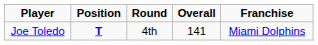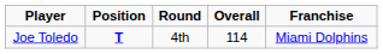 <table class="wikitable" width="50%">
 <tr align="center">
 <td><strong>Player</strong></td>
 <td><strong>Position</strong></td>
 <td><strong>Round</strong></td>
 <td><strong>Overall</strong></td>
 <td><strong>Franchise</strong></td>
 </tr>
 <tr style="text-align:center;" bgcolor="">
 <td><a href='#'>Joe Toledo</a></td>
 <td><strong><a href='#'>T</a></strong></td>
 <td>4th</td>
-<td>141</td>
+<td>114</td>
 <td><a href='#'>Miami Dolphins</a></td>
 </tr>
 </table>
